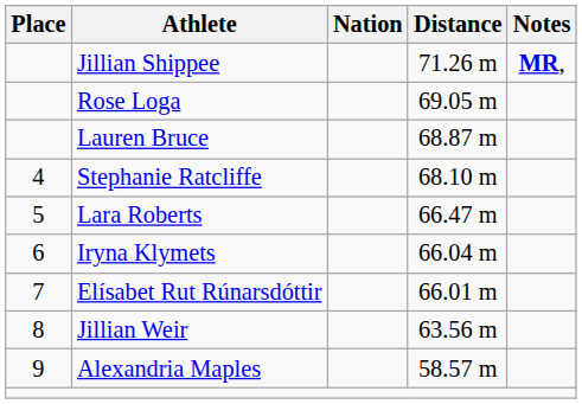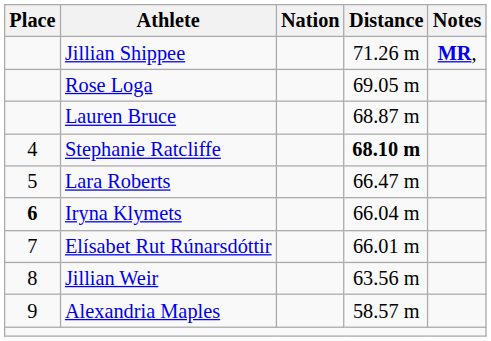 <table class="wikitable mw-datatable sortable" style="text-align:center;">
 <tr>
 <th scope="col">Place</th>
 <th scope="col">Athlete</th>
 <th scope="col">Nation</th>
 <th scope="col">Distance</th>
 <th scope="col">Notes</th>
 </tr>
 <tr>
 <td></td>
 <td align="left"><a href='#'>Jillian Shippee</a></td>
 <td align="left"></td>
 <td>71.26 m</td>
 <td><strong><a href='#'>MR</a></strong>, </td>
 </tr>
 <tr>
 <td></td>
 <td align="left"><a href='#'>Rose Loga</a></td>
 <td align="left"></td>
 <td>69.05 m</td>
 <td></td>
 </tr>
 <tr>
 <td></td>
 <td align="left"><a href='#'>Lauren Bruce</a></td>
 <td align="left"></td>
 <td>68.87 m</td>
 <td></td>
 </tr>
 <tr>
 <td>4</td>
 <td align="left"><a href='#'>Stephanie Ratcliffe</a></td>
 <td align="left"></td>
-<td>68.10 m</td>
+<td><strong>68.10 m</strong></td>
 <td></td>
 </tr>
 <tr>
 <td>5</td>
 <td align="left"><a href='#'>Lara Roberts</a></td>
 <td align="left"></td>
 <td>66.47 m</td>
 <td></td>
 </tr>
 <tr>
-<td>6</td>
+<td><strong>6</strong></td>
 <td align="left"><a href='#'>Iryna Klymets</a></td>
 <td align="left"></td>
 <td>66.04 m</td>
 <td></td>
 </tr>
 <tr>
 <td>7</td>
 <td align="left"><a href='#'>Elísabet Rut Rúnarsdóttir</a></td>
 <td align="left"></td>
 <td>66.01 m</td>
 <td></td>
 </tr>
 <tr>
 <td>8</td>
 <td align="left"><a href='#'>Jillian Weir</a></td>
 <td align="left"></td>
 <td>63.56 m</td>
 <td></td>
 </tr>
 <tr>
 <td>9</td>
 <td align="left"><a href='#'>Alexandria Maples</a></td>
 <td align="left"></td>
 <td>58.57 m</td>
 <td></td>
 </tr>
 <tr class="sortbottom">
 <td colspan="5"></td>
 </tr>
 </table>
